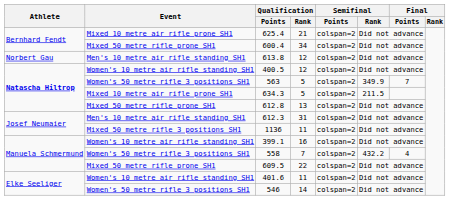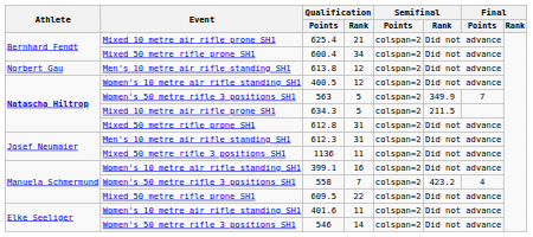 <table class="wikitable" style="font-size:90%">
 <tr>
 <th rowspan="2">Athlete</th>
 <th rowspan="2">Event</th>
 <th colspan=2>Qualification</th>
 <th colspan=2>Semifinal</th>
 <th colspan=2>Final</th>
 </tr>
 <tr style="font-size:95%">
 <th>Points</th>
 <th>Rank</th>
 <th>Points</th>
 <th>Rank</th>
 <th>Points</th>
 <th>Rank</th>
 </tr>
 <tr align=center>
 <td align=left rowspan=2><a href='#'>Bernhard Fendt</a></td>
 <td align=left><a href='#'>Mixed 10 metre air rifle prone SH1</a></td>
 <td>625.4</td>
 <td>21</td>
 <td>colspan=2 </td>
 <td colspan=2>Did not advance</td>
 </tr>
 <tr align=center>
 <td align=left><a href='#'>Mixed 50 metre rifle prone SH1</a></td>
 <td>600.4</td>
 <td>34</td>
 <td>colspan=2 </td>
 <td colspan=2>Did not advance</td>
 </tr>
 <tr align=center>
 <td align=left><a href='#'>Norbert Gau</a></td>
 <td align=left><a href='#'>Men's 10 metre air rifle standing SH1</a></td>
 <td>613.8</td>
 <td>12</td>
 <td>colspan=2 </td>
 <td colspan=2>Did not advance</td>
 </tr>
 <tr align=center>
 <td align=left rowspan=4><strong><a href='#'>Natascha Hiltrop</a></strong></td>
 <td align=left><a href='#'>Women's 10 metre air rifle standing SH1</a></td>
 <td>400.5</td>
 <td>12</td>
 <td>colspan=2 </td>
 <td colspan=2>Did not advance</td>
 </tr>
 <tr align=center>
 <td align=left><a href='#'>Women's 50 metre rifle 3 positions SH1</a></td>
 <td>563</td>
 <td>5</td>
 <td>colspan=2 </td>
 <td>349.9</td>
 <td>7</td>
 </tr>
 <tr align=center>
 <td align=left><a href='#'>Mixed 10 metre air rifle prone SH1</a></td>
 <td>634.3</td>
 <td>5</td>
 <td>colspan=2 </td>
 <td>211.5</td>
 <td></td>
 </tr>
 <tr align=center>
 <td align=left><a href='#'>Mixed 50 metre rifle prone SH1</a></td>
 <td>612.8</td>
-<td>13</td>
+<td>31</td>
 <td>colspan=2 </td>
 <td colspan=2>Did not advance</td>
 </tr>
 <tr align=center>
 <td align=left rowspan=2><a href='#'>Josef Neumaier</a></td>
 <td align=left><a href='#'>Men's 10 metre air rifle standing SH1</a></td>
 <td>612.3</td>
 <td>31</td>
 <td>colspan=2 </td>
 <td colspan=2>Did not advance</td>
 </tr>
 <tr align=center>
 <td align=left><a href='#'>Mixed 50 metre rifle 3 positions SH1</a></td>
 <td>1136</td>
 <td>11</td>
 <td>colspan=2 </td>
 <td colspan=2>Did not advance</td>
 </tr>
 <tr align=center>
 <td align=left rowspan=3><a href='#'>Manuela Schmermund</a></td>
 <td align=left><a href='#'>Women's 10 metre air rifle standing SH1</a></td>
 <td>399.1</td>
 <td>16</td>
 <td>colspan=2 </td>
 <td colspan=2>Did not advance</td>
 </tr>
 <tr align=center>
 <td align=left><a href='#'>Women's 50 metre rifle 3 positions SH1</a></td>
 <td>558</td>
 <td>7</td>
 <td>colspan=2 </td>
-<td>432.2</td>
+<td>423.2</td>
 <td>4</td>
 </tr>
 <tr align=center>
 <td align=left><a href='#'>Mixed 50 metre rifle prone SH1</a></td>
 <td>609.5</td>
 <td>22</td>
 <td>colspan=2 </td>
 <td colspan=2>Did not advance</td>
 </tr>
 <tr align=center>
 <td align=left rowspan=2><a href='#'>Elke Seeliger</a></td>
 <td align=left><a href='#'>Women's 10 metre air rifle standing SH1</a></td>
 <td>401.6</td>
 <td>11</td>
 <td>colspan=2 </td>
 <td colspan=2>Did not advance</td>
 </tr>
 <tr align=center>
 <td align=left><a href='#'>Women's 50 metre rifle 3 positions SH1</a></td>
 <td>546</td>
 <td>14</td>
 <td>colspan=2 </td>
 <td colspan=2>Did not advance</td>
 </tr>
 </table>
